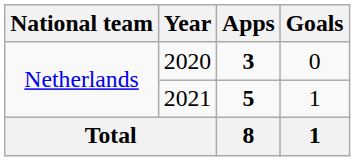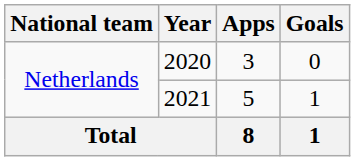 <table class="wikitable" style="text-align:center">
 <tr>
 <th>National team</th>
 <th>Year</th>
 <th>Apps</th>
 <th>Goals</th>
 </tr>
 <tr>
 <td rowspan="2"><a href='#'>Netherlands</a></td>
 <td>2020</td>
-<td><strong>3</strong></td>
+<td>3</td>
 <td>0</td>
 </tr>
 <tr>
 <td>2021</td>
-<td><strong>5</strong></td>
+<td>5</td>
 <td>1</td>
 </tr>
 <tr>
 <th colspan="2">Total</th>
 <th>8</th>
 <th>1</th>
 </tr>
 </table>
